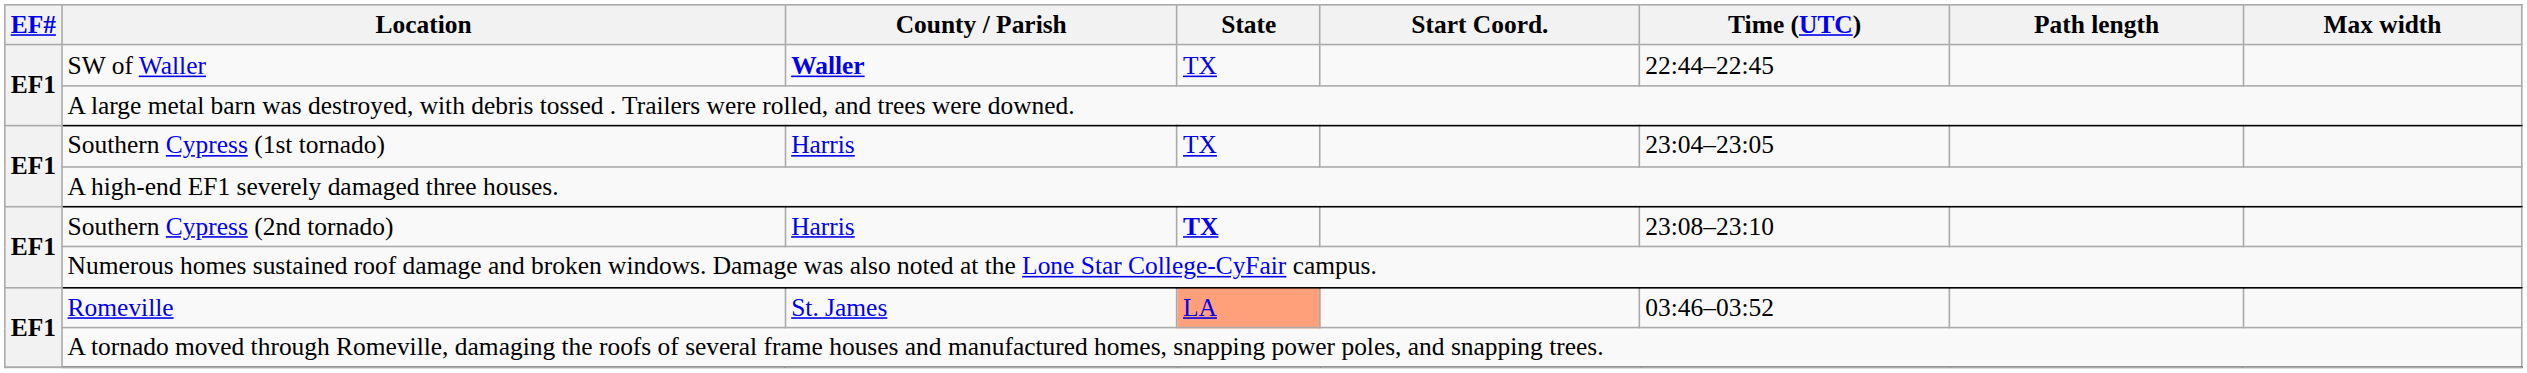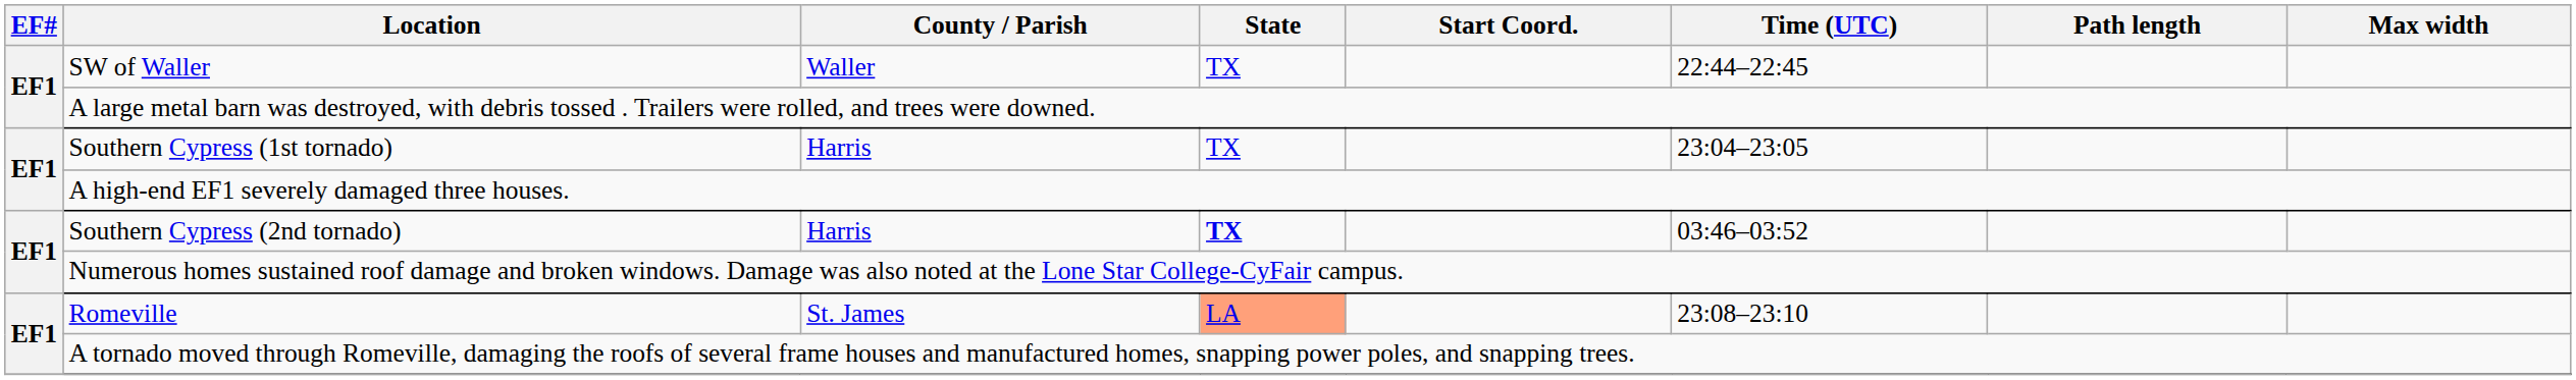 <table class="wikitable sortable" style="width:100%;">
 <tr>
 <th scope="col" width="2%" align="center"><a href='#'>EF#</a></th>
 <th scope="col" align="center" class="unsortable">Location</th>
 <th scope="col" align="center" class="unsortable">County / Parish</th>
 <th scope="col" align="center">State</th>
 <th scope="col" align="center">Start Coord.</th>
 <th scope="col" align="center">Time (<a href='#'>UTC</a>)</th>
 <th scope="col" align="center">Path length</th>
 <th scope="col" align="center">Max width</th>
 </tr>
 <tr>
 <th scope="row" rowspan="2" style="background-color:#">EF1</th>
 <td>SW of <a href='#'>Waller</a></td>
-<td><strong><a href='#'>Waller</a></strong></td>
+<td><a href='#'>Waller</a></td>
 <td><a href='#'>TX</a></td>
 <td></td>
 <td>22:44–22:45</td>
 <td></td>
 <td></td>
 </tr>
 <tr class="expand-child">
 <td colspan="8" style=" border-bottom: 1px solid black;">A large metal barn was destroyed, with debris tossed . Trailers were rolled, and trees were downed.</td>
 </tr>
 <tr>
 <th scope="row" rowspan="2" style="background-color:#">EF1</th>
 <td>Southern <a href='#'>Cypress</a> (1st tornado)</td>
 <td><a href='#'>Harris</a></td>
 <td><a href='#'>TX</a></td>
 <td></td>
 <td>23:04–23:05</td>
 <td></td>
 <td></td>
 </tr>
 <tr class="expand-child">
 <td colspan="8" style=" border-bottom: 1px solid black;">A high-end EF1 severely damaged three houses.</td>
 </tr>
 <tr>
 <th scope="row" rowspan="2" style="background-color:#">EF1</th>
 <td>Southern <a href='#'>Cypress</a> (2nd tornado)</td>
 <td><a href='#'>Harris</a></td>
 <td><strong><a href='#'>TX</a></strong></td>
 <td></td>
-<td>23:08–23:10</td>
+<td>03:46–03:52</td>
 <td></td>
 <td></td>
 </tr>
 <tr class="expand-child">
 <td colspan="8" style=" border-bottom: 1px solid black;">Numerous homes sustained roof damage and broken windows. Damage was also noted at the <a href='#'>Lone Star College-CyFair</a> campus.</td>
 </tr>
 <tr>
 <th scope="row" rowspan="2" style="background-color:#">EF1</th>
 <td><a href='#'>Romeville</a></td>
 <td><a href='#'>St. James</a></td>
 <td style="background: lightsalmon;"><a href='#'>LA</a></td>
 <td></td>
-<td>03:46–03:52</td>
+<td>23:08–23:10</td>
 <td></td>
 <td></td>
 </tr>
 <tr class="expand-child">
 <td colspan="8" style=" border-bottom: 1px solid black;">A tornado moved through Romeville, damaging the roofs of several frame houses and manufactured homes, snapping power poles, and snapping trees.</td>
 </tr>
 <tr>
 </tr>
 </table>
